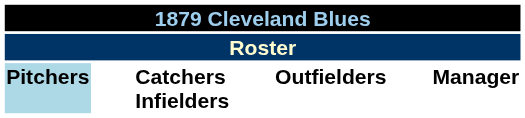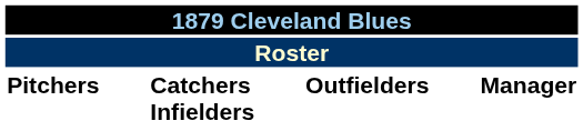 <table class="toccolours" style="font-size: 95%;">
 <tr>
 <th colspan="10" style="background-color: #000000; color: #9ECEEE; text-align: center;">1879 Cleveland Blues</th>
 </tr>
 <tr>
 <td colspan="10" style="background-color: #003366; color: #FFFDD0; text-align: center;"><strong>Roster</strong></td>
 </tr>
 <tr>
-<td valign="top" style="background: lightblue;"><strong>Pitchers</strong><br> </td>
+<td valign="top"><strong>Pitchers</strong><br> </td>
 <td width="25px"></td>
 <td valign="top"><strong>Catchers</strong><br>    <strong>Infielders</strong>     </td>
 <td width="25px"></td>
 <td valign="top"><strong>Outfielders</strong><br>    </td>
 <td width="25px"></td>
 <td valign="top"><strong>Manager</strong><br></td>
 </tr>
 </table>
